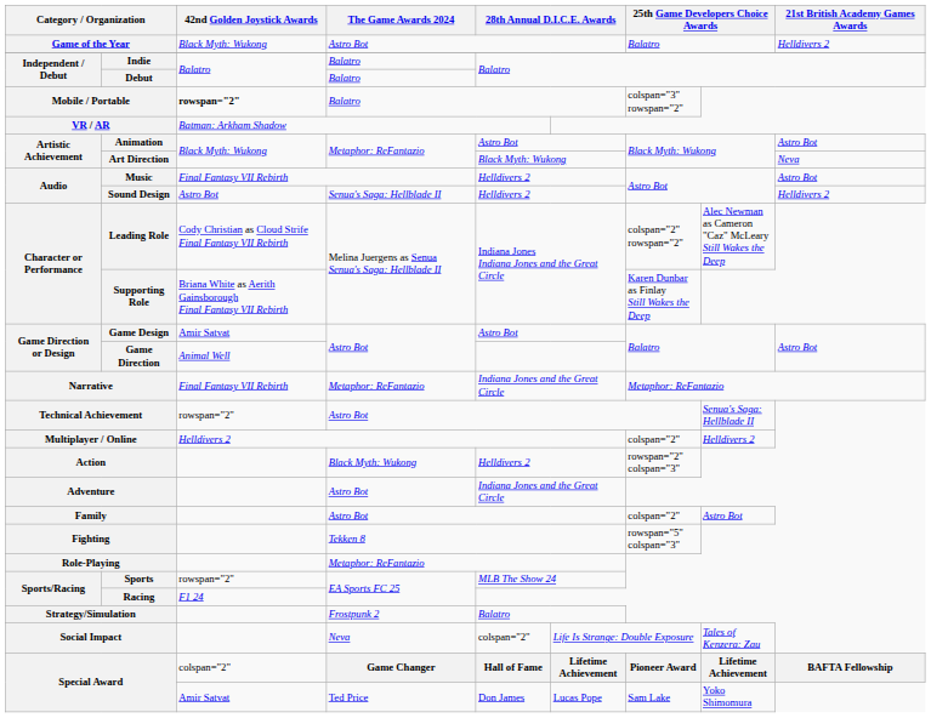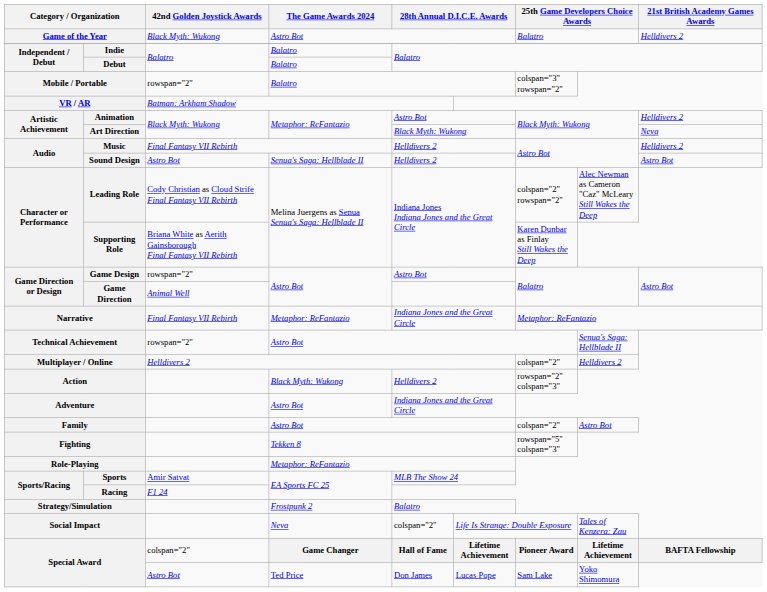 <table class="wikitable" style="border:none; margin:0; width:100%; font-size: 90%;">
 <tr>
 <th colspan="2" style="width:16%;">Category / Organization</th>
 <th style="width:14%;">42nd <a href='#'>Golden Joystick Awards</a><br></th>
 <th style="width:14%;"><a href='#'>The Game Awards 2024</a><br></th>
 <th colspan="2" style="width:14%;"><a href='#'>28th Annual D.I.C.E. Awards</a><br></th>
 <th colspan="2" style="width:14%;">25th <a href='#'>Game Developers Choice Awards</a><br></th>
 <th style="width:14%;"><a href='#'>21st British Academy Games Awards</a><br></th>
 </tr>
 <tr>
 <th scope="row" colspan="2"><a href='#'>Game of the Year</a></th>
 <td><em><a href='#'>Black Myth: Wukong</a></em></td>
 <td colspan="3"><em><a href='#'>Astro Bot</a></em></td>
 <td colspan="2"><em><a href='#'>Balatro</a></em></td>
 <td><em><a href='#'>Helldivers 2</a></em></td>
 </tr>
 <tr>
 </tr>
 <tr>
 <th scope="row"  rowspan="2" style="width:9%;">Independent / Debut</th>
 <th>Indie</th>
 <td rowspan="2"><em><a href='#'>Balatro</a></em></td>
 <td><em><a href='#'>Balatro</a></em></td>
 <td rowspan="2" colspan="5"><em><a href='#'>Balatro</a></em></td>
 </tr>
 <tr>
 <th scope="row">Debut</th>
 <td><em><a href='#'>Balatro</a></em></td>
 </tr>
 <tr>
 <th scope="row" colspan="2">Mobile / Portable</th>
-<td><strong>rowspan="2" </strong></td>
+<td>rowspan="2" </td>
 <td colspan="3"><em><a href='#'>Balatro</a></em></td>
 <td>colspan="3" rowspan="2" </td>
 </tr>
 <tr>
 <th scope="row" colspan="2"><a href='#'>VR</a> / <a href='#'>AR</a></th>
 <td colspan="3"><em><a href='#'>Batman: Arkham Shadow</a></em></td>
 </tr>
 <tr>
 <th scope="row" rowspan="2" style="width:9%;">Artistic Achievement</th>
 <th>Animation</th>
 <td rowspan="2"><em><a href='#'>Black Myth: Wukong</a></em></td>
 <td rowspan="2"><em><a href='#'>Metaphor: ReFantazio</a></em></td>
 <td colspan="2"><em><a href='#'>Astro Bot</a></em></td>
 <td rowspan="2" colspan="2"><em><a href='#'>Black Myth: Wukong</a></em></td>
-<td><em><a href='#'>Astro Bot</a></em></td>
+<td><em><a href='#'>Helldivers 2</a></em></td>
 </tr>
 <tr>
 <th scope="row">Art Direction</th>
 <td colspan="2"><em><a href='#'>Black Myth: Wukong</a></em></td>
 <td><em><a href='#'>Neva</a></em></td>
 </tr>
 <tr>
 <th scope="row" rowspan="2" style="width:9%;">Audio</th>
 <th>Music</th>
 <td colspan="2"><em><a href='#'>Final Fantasy VII Rebirth</a></em></td>
 <td colspan="2"><em><a href='#'>Helldivers 2</a></em></td>
 <td colspan="2" rowspan="2"><em><a href='#'>Astro Bot</a></em></td>
-<td><em><a href='#'>Astro Bot</a></em></td>
+<td><em><a href='#'>Helldivers 2</a></em></td>
 </tr>
 <tr>
 <th scope="row">Sound Design</th>
 <td><em><a href='#'>Astro Bot</a></em></td>
 <td><em><a href='#'>Senua's Saga: Hellblade II</a></em></td>
 <td colspan="2"><em><a href='#'>Helldivers 2</a></em></td>
-<td><em><a href='#'>Helldivers 2</a></em></td>
+<td><em><a href='#'>Astro Bot</a></em></td>
 </tr>
 <tr>
 <th scope="row" rowspan="2">Character or Performance</th>
 <th>Leading Role</th>
 <td><a href='#'>Cody Christian</a> as <a href='#'>Cloud Strife</a><br><em><a href='#'>Final Fantasy VII Rebirth</a></em></td>
 <td rowspan="2">Melina Juergens as <a href='#'>Senua</a><br><em><a href='#'>Senua's Saga: Hellblade II</a></em></td>
 <td rowspan="2" colspan="2"><a href='#'>Indiana Jones</a><br><em><a href='#'>Indiana Jones and the Great Circle</a></em></td>
 <td>colspan="2" rowspan="2" </td>
 <td><a href='#'>Alec Newman</a> as Cameron "Caz" McLeary<br><em><a href='#'>Still Wakes the Deep</a></em></td>
 </tr>
 <tr>
 <th scope="row">Supporting Role</th>
 <td><a href='#'>Briana White</a> as <a href='#'>Aerith Gainsborough</a><br><em><a href='#'>Final Fantasy VII Rebirth</a></em></td>
 <td><a href='#'>Karen Dunbar</a> as Finlay<br><em><a href='#'>Still Wakes the Deep</a></em></td>
 </tr>
 <tr>
 <th scope="row" rowspan="2" style="width:9%;">Game Direction <br>or Design</th>
 <th>Game Design</th>
-<td><a href='#'>Amir Satvat</a></td>
+<td>rowspan="2" </td>
 <td rowspan="2"><em><a href='#'>Astro Bot</a></em></td>
 <td colspan="2"><em><a href='#'>Astro Bot</a></em></td>
 <td colspan="2" rowspan="2"><em><a href='#'>Balatro</a></em></td>
 <td rowspan="2"><em><a href='#'>Astro Bot</a></em></td>
 </tr>
 <tr>
 <th scope="row">Game Direction</th>
 <td colspan="2"><em><a href='#'>Animal Well</a></em></td>
 </tr>
 <tr>
 <th scope="row" colspan="2">Narrative</th>
 <td><em><a href='#'>Final Fantasy VII Rebirth</a></em></td>
 <td><em><a href='#'>Metaphor: ReFantazio</a></em></td>
 <td colspan="2"><em><a href='#'>Indiana Jones and the Great Circle</a></em></td>
 <td colspan="3"><em><a href='#'>Metaphor: ReFantazio</a></em></td>
 </tr>
 <tr>
 <th scope="row" colspan="2">Technical Achievement</th>
 <td>rowspan="2" </td>
 <td colspan="4"><em><a href='#'>Astro Bot</a></em></td>
 <td><em><a href='#'>Senua's Saga: Hellblade II</a></em></td>
 </tr>
 <tr>
 <th scope="row" colspan="2">Multiplayer / Online</th>
 <td colspan="4"><em><a href='#'>Helldivers 2</a></em></td>
 <td>colspan="2" </td>
 <td><em><a href='#'>Helldivers 2</a></em></td>
 </tr>
 <tr>
 <th scope="row" colspan="2">Action</th>
 <td></td>
 <td><em><a href='#'>Black Myth: Wukong</a></em></td>
 <td colspan="2"><em><a href='#'>Helldivers 2</a></em></td>
 <td>rowspan="2" colspan="3" </td>
 </tr>
 <tr>
 <th scope="row" colspan="2">Adventure</th>
 <td></td>
 <td><em><a href='#'>Astro Bot</a></em></td>
 <td colspan="2"><em><a href='#'>Indiana Jones and the Great Circle</a></em></td>
 </tr>
 <tr>
 <th scope="row" colspan="2">Family</th>
 <td></td>
 <td colspan="3"><em><a href='#'>Astro Bot</a></em></td>
 <td>colspan="2" </td>
 <td><em><a href='#'>Astro Bot</a></em></td>
 </tr>
 <tr>
 <th scope="row" colspan="2">Fighting</th>
 <td></td>
 <td colspan="3"><em><a href='#'>Tekken 8</a></em></td>
 <td>rowspan="5" colspan="3" </td>
 </tr>
 <tr>
 <th scope="row" colspan="2">Role-Playing</th>
 <td></td>
 <td colspan="3"><em><a href='#'>Metaphor: ReFantazio</a></em></td>
 </tr>
 <tr>
 <th scope="row" rowspan="2">Sports/Racing</th>
 <th>Sports</th>
-<td>rowspan="2" </td>
+<td><a href='#'>Amir Satvat</a></td>
 <td rowspan="2"><em><a href='#'>EA Sports FC 25</a></em></td>
 <td colspan="2"><em><a href='#'>MLB The Show 24</a></em></td>
 </tr>
 <tr>
 <th>Racing</th>
 <td colspan="2"><em><a href='#'>F1 24</a></em></td>
 </tr>
 <tr>
 <th scope="row" colspan="2">Strategy/Simulation</th>
 <td></td>
 <td><em><a href='#'>Frostpunk 2</a></em></td>
 <td colspan="2"><em><a href='#'>Balatro</a></em></td>
 </tr>
 <tr>
 <th scope="row" colspan="2">Social Impact</th>
 <td></td>
 <td><em><a href='#'>Neva</a></em></td>
 <td>colspan="2" </td>
 <td colspan="2"><em><a href='#'>Life Is Strange: Double Exposure</a></em></td>
 <td><em><a href='#'>Tales of Kenzera: Zau</a></em></td>
 </tr>
 <tr>
 <th scope="row" rowspan="2" colspan="2">Special Award</th>
 <td>colspan="2" </td>
 <th width="7%">Game Changer</th>
 <th width="7%">Hall of Fame</th>
 <th width="7%">Lifetime Achievement</th>
 <th width="7%">Pioneer Award</th>
 <th width="7%">Lifetime Achievement</th>
 <th width="7%">BAFTA Fellowship</th>
 </tr>
 <tr>
-<td><a href='#'>Amir Satvat</a></td>
+<td><em><a href='#'>Astro Bot</a></em></td>
 <td><a href='#'>Ted Price</a></td>
 <td><a href='#'>Don James</a></td>
 <td><a href='#'>Lucas Pope</a></td>
 <td><a href='#'>Sam Lake</a></td>
 <td><a href='#'>Yoko Shimomura</a></td>
 </tr>
 </table>
